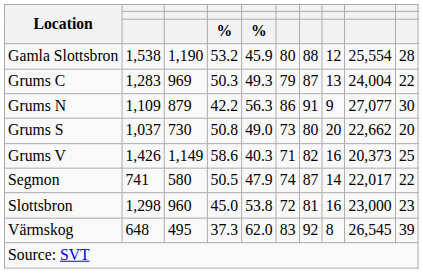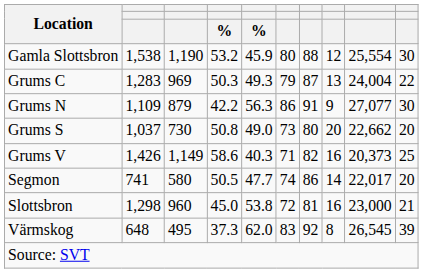 <table role="presentation" class="wikitable sortable mw-collapsible">
 <tr>
 <th rowspan="3">Location</th>
 <th></th>
 <th></th>
 <th></th>
 <th></th>
 <th></th>
 <th></th>
 <th></th>
 <th></th>
 <th></th>
 </tr>
 <tr>
 <th></th>
 <th></th>
 <th style="background:"></th>
 <th style="background:"></th>
 <th></th>
 <th></th>
 <th></th>
 <th></th>
 <th></th>
 </tr>
 <tr>
 <th data-sort-type="number"></th>
 <th data-sort-type="number"></th>
 <th data-sort-type="number">%</th>
 <th data-sort-type="number">%</th>
 <th data-sort-type="number"></th>
 <th data-sort-type="number"></th>
 <th data-sort-type="number"></th>
 <th data-sort-type="number"></th>
 <th data-sort-type="number"></th>
 </tr>
 <tr>
 <td align="left">Gamla Slottsbron</td>
 <td>1,538</td>
 <td>1,190</td>
 <td>53.2</td>
 <td>45.9</td>
 <td>80</td>
 <td>88</td>
 <td>12</td>
 <td>25,554</td>
-<td>28</td>
+<td>30</td>
 </tr>
 <tr>
 <td align="left">Grums C</td>
 <td>1,283</td>
 <td>969</td>
 <td>50.3</td>
 <td>49.3</td>
 <td>79</td>
 <td>87</td>
 <td>13</td>
 <td>24,004</td>
 <td>22</td>
 </tr>
 <tr>
 <td align="left">Grums N</td>
 <td>1,109</td>
 <td>879</td>
 <td>42.2</td>
 <td>56.3</td>
 <td>86</td>
 <td>91</td>
 <td>9</td>
 <td>27,077</td>
 <td>30</td>
 </tr>
 <tr>
 <td align="left">Grums S</td>
 <td>1,037</td>
 <td>730</td>
 <td>50.8</td>
 <td>49.0</td>
 <td>73</td>
 <td>80</td>
 <td>20</td>
 <td>22,662</td>
 <td>20</td>
 </tr>
 <tr>
 <td align="left">Grums V</td>
 <td>1,426</td>
 <td>1,149</td>
 <td>58.6</td>
 <td>40.3</td>
 <td>71</td>
 <td>82</td>
 <td>16</td>
 <td>20,373</td>
 <td>25</td>
 </tr>
 <tr>
 <td align="left">Segmon</td>
 <td>741</td>
 <td>580</td>
 <td>50.5</td>
-<td>47.9</td>
+<td>47.7</td>
 <td>74</td>
-<td>87</td>
+<td>86</td>
 <td>14</td>
 <td>22,017</td>
-<td>22</td>
+<td>20</td>
 </tr>
 <tr>
 <td align="left">Slottsbron</td>
 <td>1,298</td>
 <td>960</td>
 <td>45.0</td>
 <td>53.8</td>
 <td>72</td>
 <td>81</td>
 <td>16</td>
 <td>23,000</td>
-<td>23</td>
+<td>21</td>
 </tr>
 <tr>
 <td align="left">Värmskog</td>
 <td>648</td>
 <td>495</td>
 <td>37.3</td>
 <td>62.0</td>
 <td>83</td>
 <td>92</td>
 <td>8</td>
 <td>26,545</td>
 <td>39</td>
 </tr>
 <tr>
 <td colspan="10" align="left">Source: <a href='#'>SVT</a></td>
 </tr>
 </table>
